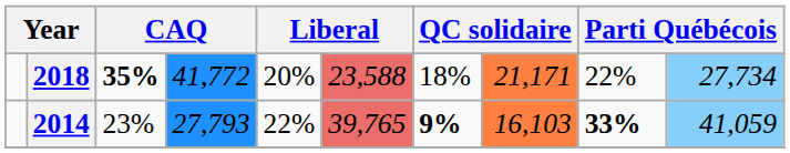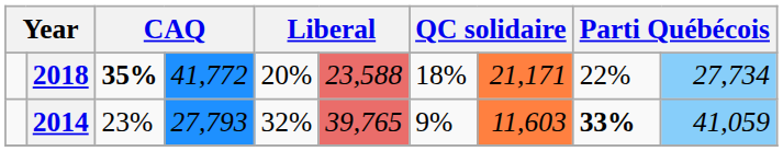 <table class="wikitable" style="float:right; width:400; font-size:90%; margin-left:1em;">
 <tr>
 <th colspan="2" scope="col">Year</th>
 <th colspan="2" scope="col"><a href='#'>CAQ</a></th>
 <th colspan="2" scope="col"><a href='#'>Liberal</a></th>
 <th colspan="2" scope="col"><a href='#'>QC solidaire</a></th>
 <th colspan="2" scope="col"><a href='#'>Parti Québécois</a></th>
 </tr>
 <tr>
 <td style="width: 0.25em; background-color: "></td>
 <th><a href='#'>2018</a></th>
 <td><strong>35%</strong></td>
 <td style="text-align:right; background:#1E90FF;"><em>41,772</em></td>
 <td>20%</td>
 <td style="text-align:right; background:#EA6D6A;"><em>23,588</em></td>
 <td>18%</td>
 <td style="text-align:right; background:#FF8040;"><em>21,171</em></td>
 <td>22%</td>
 <td style="text-align:right; background:#87CEFA;"><em>27,734</em></td>
 </tr>
 <tr>
 <td style="width: 0.25em; background-color: "></td>
 <th><a href='#'>2014</a></th>
 <td>23%</td>
 <td style="text-align:right; background:#1E90FF;"><em>27,793</em></td>
-<td>22%</td>
+<td>32%</td>
 <td style="text-align:right; background:#EA6D6A;"><em>39,765</em></td>
-<td><strong>9%</strong></td>
-<td style="text-align:right; background:#FF8040;"><em>16,103</em></td>
+<td>9%</td>
+<td style="text-align:right; background:#FF8040;"><em>11,603</em></td>
 <td><strong>33%</strong></td>
 <td style="text-align:right; background:#87CEFA;"><em>41,059</em></td>
 </tr>
 <tr>
 </tr>
 </table>
